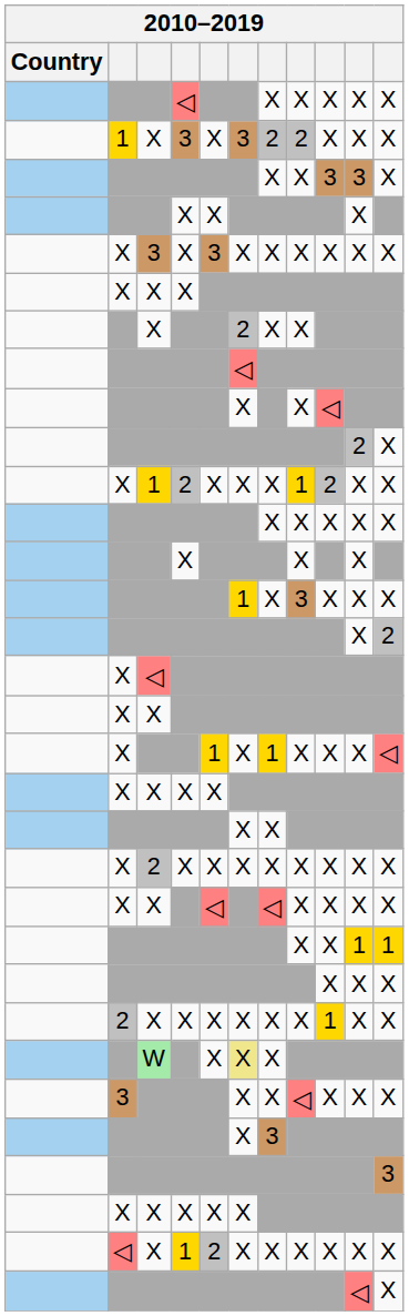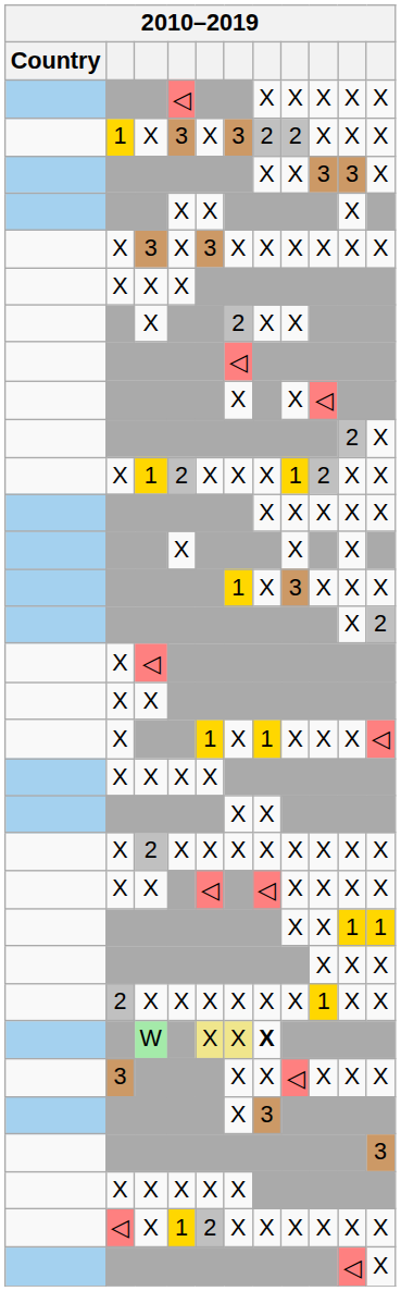 <table class="wikitable collapsible" style="text-align:center">
 <tr>
 <th colspan=11>2010–2019</th>
 </tr>
 <tr>
 <th>Country</th>
 <th></th>
 <th></th>
 <th></th>
 <th></th>
 <th></th>
 <th></th>
 <th></th>
 <th></th>
 <th></th>
 <th></th>
 </tr>
 <tr>
 <td bgcolor="#A4D1EF"></td>
 <td bgcolor="#AAA" colspan=2></td>
 <td bgcolor="#FE8080">◁</td>
 <td bgcolor="#AAA" colspan=2></td>
 <td>Х</td>
 <td>Х</td>
 <td>X</td>
 <td>X</td>
 <td>X</td>
 </tr>
 <tr>
 <td></td>
 <td style="background:gold">1</td>
 <td>Х</td>
 <td style="background:#C96">3</td>
 <td>Х</td>
 <td style="background:#C96">3</td>
 <td style="background:silver">2</td>
 <td style="background:silver">2</td>
 <td>X</td>
 <td>X</td>
 <td>X</td>
 </tr>
 <tr>
 <td bgcolor="#A4D1EF"></td>
 <td bgcolor="#AAA" colspan=5></td>
 <td>Х</td>
 <td>Х</td>
 <td style="background:#C96">3</td>
 <td style="background:#C96">3</td>
 <td>X</td>
 </tr>
 <tr>
 <td bgcolor="#A4D1EF"></td>
 <td bgcolor="#AAA" colspan=2></td>
 <td>Х</td>
 <td>Х</td>
 <td bgcolor="#AAA" colspan=4></td>
 <td>X</td>
 <td bgcolor="#AAA"></td>
 </tr>
 <tr>
 <td></td>
 <td>Х</td>
 <td style="background:#C96">3</td>
 <td>Х</td>
 <td style="background:#C96">3</td>
 <td>Х</td>
 <td>Х</td>
 <td>Х</td>
 <td>X</td>
 <td>X</td>
 <td>X</td>
 </tr>
 <tr>
 <td></td>
 <td>Х</td>
 <td>Х</td>
 <td>Х</td>
 <td bgcolor="#AAA" colspan=7></td>
 </tr>
 <tr>
 <td></td>
 <td bgcolor="#AAA"></td>
 <td>Х</td>
 <td bgcolor="#AAA" colspan=2></td>
 <td style="background:silver">2</td>
 <td>Х</td>
 <td>Х</td>
 <td bgcolor="#AAA" colspan=3></td>
 </tr>
 <tr>
 <td></td>
 <td bgcolor="#AAA" colspan=4></td>
 <td bgcolor="#FE8080">◁</td>
 <td bgcolor="#AAA" colspan=5></td>
 </tr>
 <tr>
 <td></td>
 <td bgcolor="#AAA" colspan=4></td>
 <td>Х</td>
 <td bgcolor="#AAA"></td>
 <td>Х</td>
 <td style="background:#FE8080">◁</td>
 <td bgcolor="#AAA" colspan=2></td>
 </tr>
 <tr>
 <td></td>
 <td bgcolor="#AAA" colspan=8></td>
 <td style="background:silver">2</td>
 <td>X</td>
 </tr>
 <tr>
 <td></td>
 <td>Х</td>
 <td style="background:gold">1</td>
 <td style="background:silver">2</td>
 <td>Х</td>
 <td>Х</td>
 <td>Х</td>
 <td style="background:gold">1</td>
 <td style="background:silver">2</td>
 <td>X</td>
 <td>X</td>
 </tr>
 <tr>
 <td bgcolor="#A4D1EF"></td>
 <td bgcolor="#AAA" colspan=5></td>
 <td>Х</td>
 <td>Х</td>
 <td>X</td>
 <td>X</td>
 <td>X</td>
 </tr>
 <tr>
 <td bgcolor="#A4D1EF"></td>
 <td bgcolor="#AAA" colspan=2></td>
 <td>Х</td>
 <td bgcolor="#AAA" colspan=3></td>
 <td>Х</td>
 <td bgcolor="#AAA"></td>
 <td>X</td>
 <td bgcolor="#AAA"></td>
 </tr>
 <tr>
 <td bgcolor="#A4D1EF"></td>
 <td bgcolor="#AAA" colspan=4></td>
 <td style="background:gold">1</td>
 <td>Х</td>
 <td style="background:#C96">3</td>
 <td>X</td>
 <td>X</td>
 <td>X</td>
 </tr>
 <tr>
 <td bgcolor="#A4D1EF"></td>
 <td bgcolor="#AAA" colspan=8></td>
 <td>X</td>
 <td style="background:silver">2</td>
 </tr>
 <tr>
 <td></td>
 <td>Х</td>
 <td bgcolor="#FE8080">◁</td>
 <td bgcolor="#AAA" colspan=8></td>
 </tr>
 <tr>
 <td></td>
 <td>Х</td>
 <td>Х</td>
 <td bgcolor="#AAA" colspan=8></td>
 </tr>
 <tr>
 <td></td>
 <td>Х</td>
 <td bgcolor="#AAA" colspan=2></td>
 <td style="background:gold">1</td>
 <td>Х</td>
 <td style="background:gold">1</td>
 <td>Х</td>
 <td>X</td>
 <td>X</td>
 <td bgcolor="#FE8080">◁</td>
 </tr>
 <tr>
 <td bgcolor="#A4D1EF"></td>
 <td>Х</td>
 <td>Х</td>
 <td>Х</td>
 <td>Х</td>
 <td bgcolor="#AAA" colspan=6></td>
 </tr>
 <tr>
 <td bgcolor="#A4D1EF"></td>
 <td bgcolor="#AAA" colspan=4></td>
 <td>Х</td>
 <td>Х</td>
 <td bgcolor="#AAA" colspan=4></td>
 </tr>
 <tr>
 <td></td>
 <td>Х</td>
 <td style="background:silver">2</td>
 <td>Х</td>
 <td>Х</td>
 <td>Х</td>
 <td>Х</td>
 <td>Х</td>
 <td>X</td>
 <td>X</td>
 <td>X</td>
 </tr>
 <tr>
 <td></td>
 <td>Х</td>
 <td>Х</td>
 <td bgcolor="#AAA"></td>
 <td bgcolor="#FE8080">◁</td>
 <td bgcolor="#AAA"></td>
 <td bgcolor="#FE8080">◁</td>
 <td>Х</td>
 <td>X</td>
 <td>X</td>
 <td>X</td>
 </tr>
 <tr>
 <td></td>
 <td bgcolor="#AAA" colspan=6></td>
 <td>Х</td>
 <td>Х</td>
 <td style="background:gold">1</td>
 <td style="background:gold">1</td>
 </tr>
 <tr>
 <td></td>
 <td bgcolor="#AAA" colspan=7></td>
 <td>X</td>
 <td>X</td>
 <td>X</td>
 </tr>
 <tr>
 <td></td>
 <td style="background:silver">2</td>
 <td>Х</td>
 <td>Х</td>
 <td>Х</td>
 <td>Х</td>
 <td>Х</td>
 <td>Х</td>
 <td style="background:gold">1</td>
 <td>X</td>
 <td>X</td>
 </tr>
 <tr>
 <td bgcolor="#A4D1EF"></td>
 <td bgcolor="#AAA"></td>
 <td style="background:#A4EAA9">W</td>
 <td bgcolor="#AAA"></td>
-<td>Х</td>
 <td style="background: khaki;">Х</td>
-<td>Х</td>
+<td style="background: khaki;">Х</td>
+<td><strong>Х</strong></td>
 <td bgcolor="#AAA" colspan=4></td>
 </tr>
 <tr>
 <td></td>
 <td style="background:#C96">3</td>
 <td bgcolor="#AAA" colspan=3></td>
 <td>Х</td>
 <td>Х</td>
 <td bgcolor="#FE8080">◁</td>
 <td style="">X</td>
 <td>X</td>
 <td>X</td>
 </tr>
 <tr>
 <td bgcolor="#A4D1EF"></td>
 <td bgcolor="#AAA" colspan=4></td>
 <td>Х</td>
 <td style="background:#C96">3</td>
 <td bgcolor="#AAA" colspan=4></td>
 </tr>
 <tr>
 <td></td>
 <td bgcolor="#AAA" colspan=9></td>
 <td style="background:#C96">3</td>
 </tr>
 <tr>
 <td></td>
 <td>Х</td>
 <td>Х</td>
 <td>Х</td>
 <td>Х</td>
 <td>Х</td>
 <td bgcolor="#AAA" colspan=5></td>
 </tr>
 <tr>
 <td></td>
 <td bgcolor="#FE8080">◁</td>
 <td>Х</td>
 <td style="background:gold">1</td>
 <td style="background:silver">2</td>
 <td>Х</td>
 <td>Х</td>
 <td>Х</td>
 <td>X</td>
 <td>X</td>
 <td>X</td>
 </tr>
 <tr>
 <td bgcolor="#A4D1EF"></td>
 <td bgcolor="#AAA" colspan=8></td>
 <td style="background:#FE8080">◁</td>
 <td>X</td>
 </tr>
 </table>
